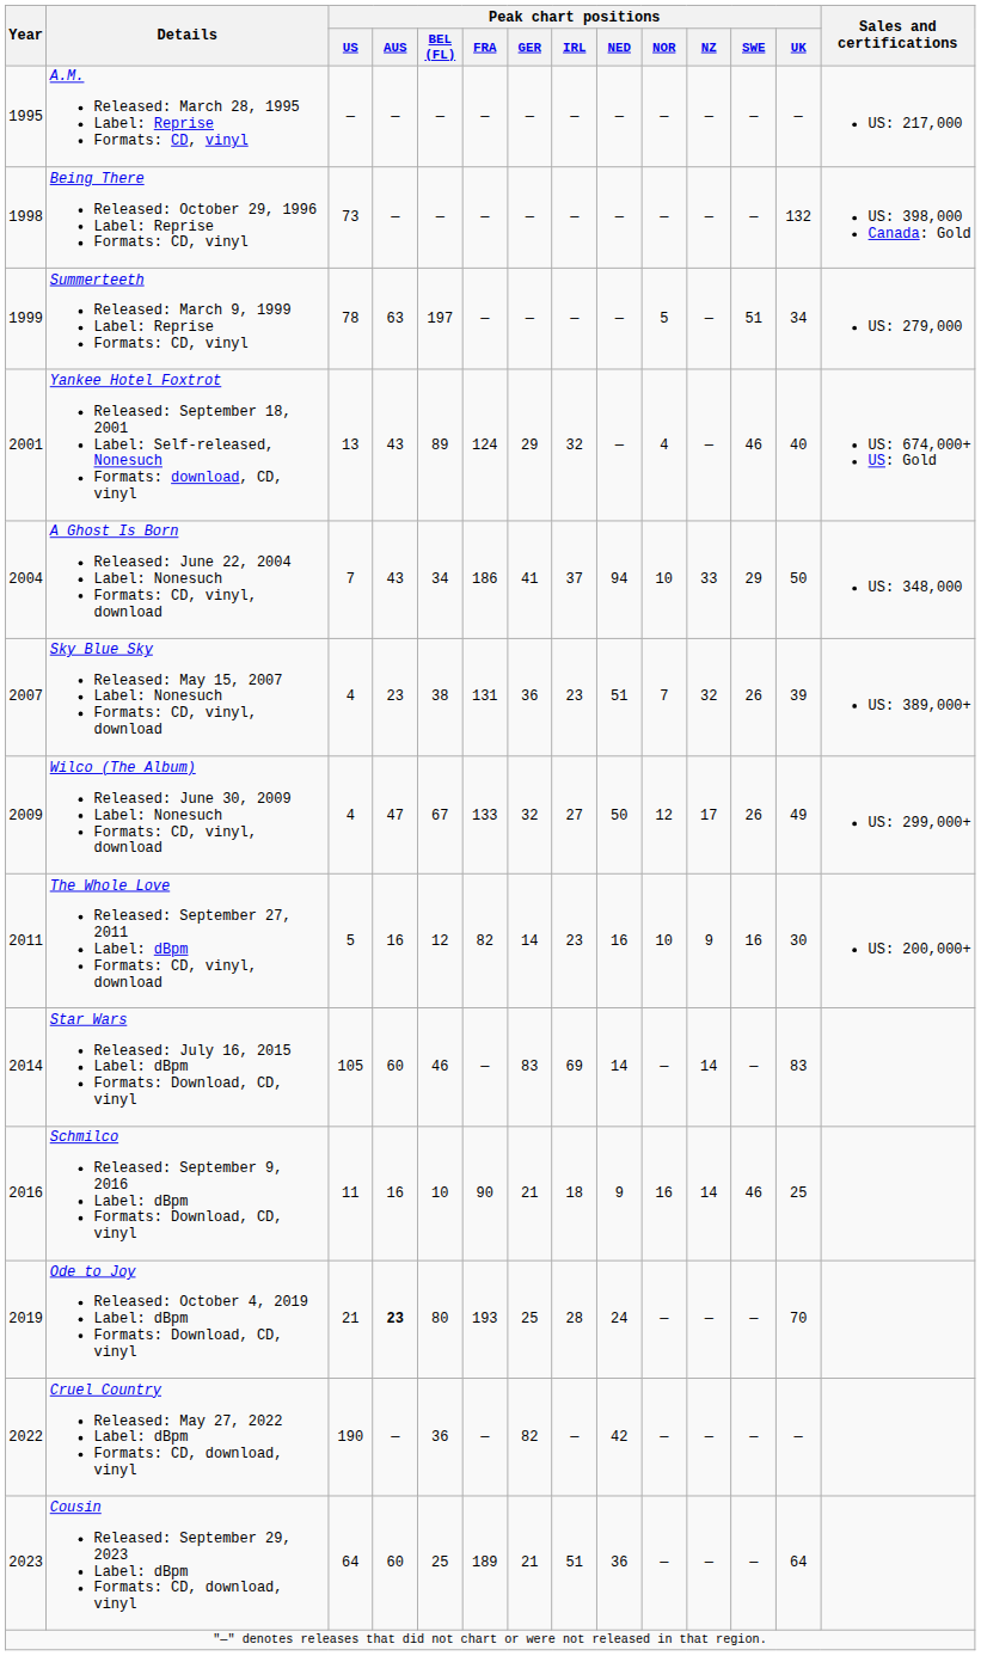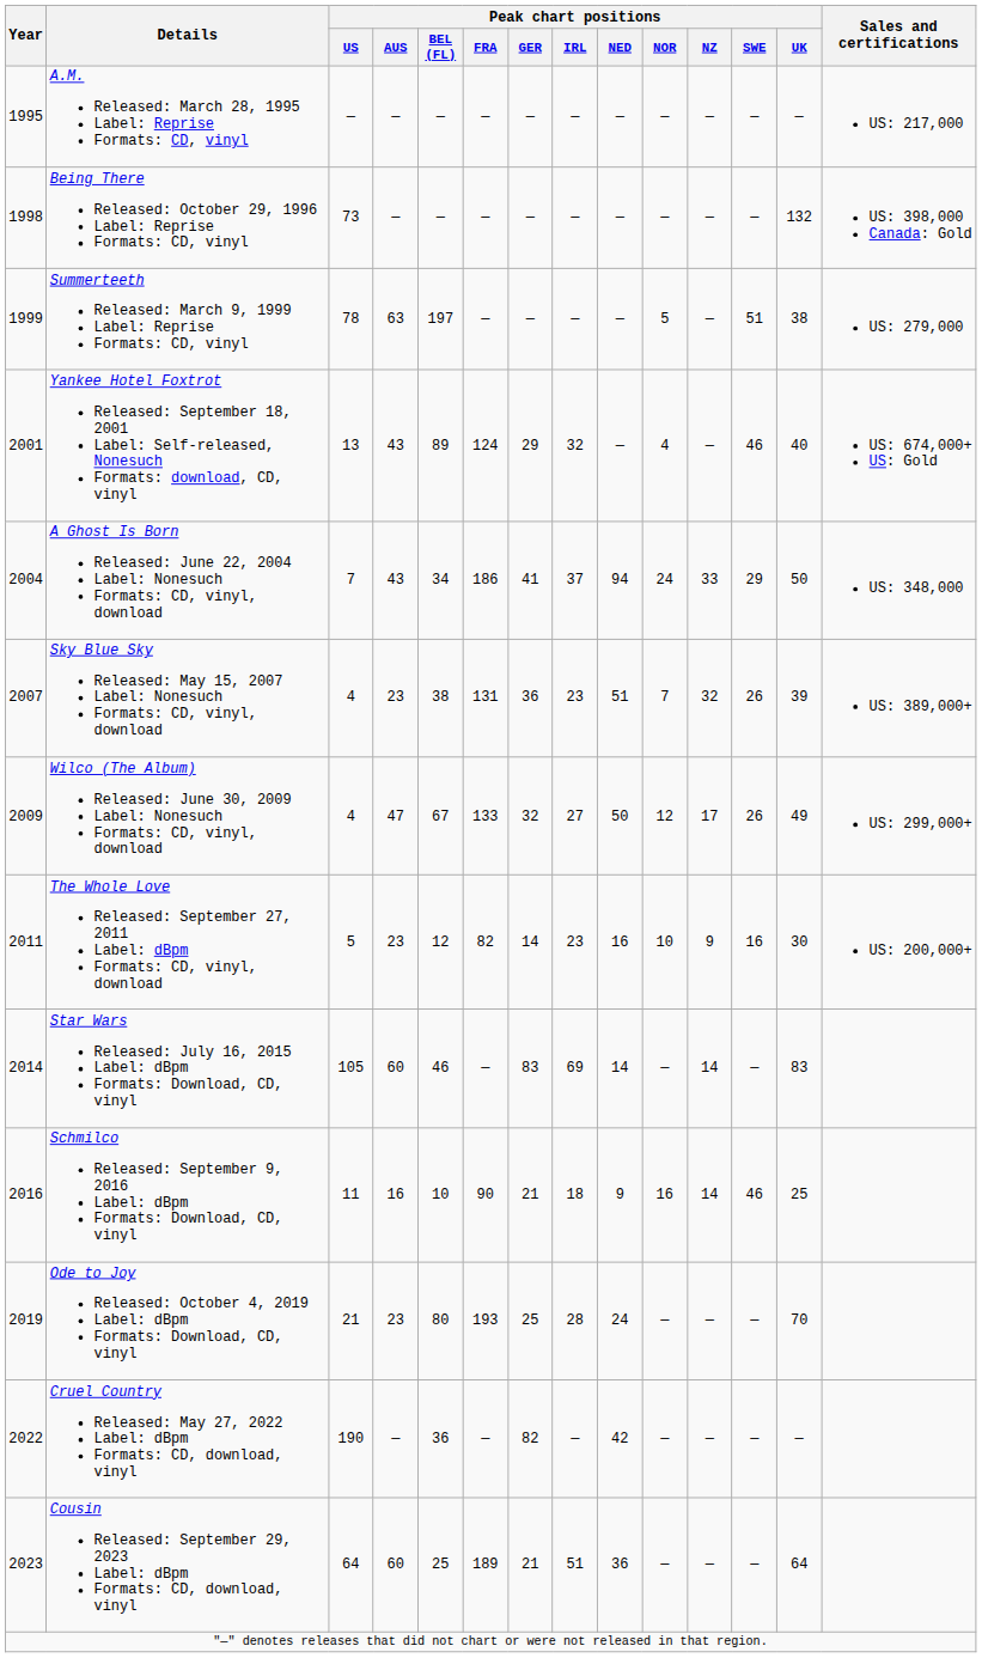 <table class="wikitable" style="text-align:center">
 <tr>
 <th rowspan="2">Year</th>
 <th rowspan="2" width=250>Details</th>
 <th colspan="11">Peak chart positions</th>
 <th rowspan="2">Sales and<br>certifications</th>
 </tr>
 <tr>
 <th style="width:3em;font-size:90%"><a href='#'>US</a><br></th>
 <th style="width:3em;font-size:90%"><a href='#'>AUS</a><br></th>
 <th style="width:3em;font-size:90%"><a href='#'>BEL<br>(FL)</a><br></th>
 <th style="width:3em;font-size:90%"><a href='#'>FRA</a><br></th>
 <th style="width:3em;font-size:90%"><a href='#'>GER</a><br></th>
 <th style="width:3em;font-size:90%"><a href='#'>IRL</a><br></th>
 <th style="width:3em;font-size:90%"><a href='#'>NED</a><br></th>
 <th style="width:3em;font-size:90%"><a href='#'>NOR</a><br></th>
 <th style="width:3em;font-size:90%"><a href='#'>NZ</a><br></th>
 <th style="width:3em;font-size:90%"><a href='#'>SWE</a><br></th>
 <th style="width:3em;font-size:90%"><a href='#'>UK</a><br></th>
 </tr>
 <tr>
 <td>1995</td>
 <td align="left"><em><a href='#'>A.M.</a></em><br><ul><li>Released: March 28, 1995</li><li>Label: <a href='#'>Reprise</a></li><li>Formats: <a href='#'>CD</a>, <a href='#'>vinyl</a></li></ul></td>
 <td>—</td>
 <td>—</td>
 <td>—</td>
 <td>—</td>
 <td>—</td>
 <td>—</td>
 <td>—</td>
 <td>—</td>
 <td>—</td>
 <td>—</td>
 <td>—</td>
 <td align="left"><br><ul><li>US: 217,000</li></ul></td>
 </tr>
 <tr>
 <td>1998</td>
 <td align="left"><em><a href='#'>Being There</a></em><br><ul><li>Released: October 29, 1996</li><li>Label: Reprise</li><li>Formats: CD, vinyl</li></ul></td>
 <td>73</td>
 <td>—</td>
 <td>—</td>
 <td>—</td>
 <td>—</td>
 <td>—</td>
 <td>—</td>
 <td>—</td>
 <td>—</td>
 <td>—</td>
 <td>132</td>
 <td align="left"><br><ul><li>US: 398,000</li><li><a href='#'>Canada</a>: Gold</li></ul></td>
 </tr>
 <tr>
 <td>1999</td>
 <td align="left"><em><a href='#'>Summerteeth</a></em><br><ul><li>Released: March 9, 1999</li><li>Label: Reprise</li><li>Formats: CD, vinyl</li></ul></td>
 <td>78</td>
 <td>63</td>
 <td>197</td>
 <td>—</td>
 <td>—</td>
 <td>—</td>
 <td>—</td>
 <td>5</td>
 <td>—</td>
 <td>51</td>
-<td>34</td>
+<td>38</td>
 <td align="left"><br><ul><li>US: 279,000</li></ul></td>
 </tr>
 <tr>
 <td>2001</td>
 <td align="left"><em><a href='#'>Yankee Hotel Foxtrot</a></em><br><ul><li>Released: September 18, 2001</li><li>Label: Self-released, <a href='#'>Nonesuch</a></li><li>Formats: <a href='#'>download</a>, CD, vinyl</li></ul></td>
 <td>13</td>
 <td>43</td>
 <td>89</td>
 <td>124</td>
 <td>29</td>
 <td>32</td>
 <td>—</td>
 <td>4</td>
 <td>—</td>
 <td>46</td>
 <td>40</td>
 <td align="left"><br><ul><li>US: 674,000+</li><li><a href='#'>US</a>: Gold</li></ul></td>
 </tr>
 <tr>
 <td>2004</td>
 <td align="left"><em><a href='#'>A Ghost Is Born</a></em><br><ul><li>Released: June 22, 2004</li><li>Label: Nonesuch</li><li>Formats: CD, vinyl, download</li></ul></td>
 <td>7</td>
 <td>43</td>
 <td>34</td>
 <td>186</td>
 <td>41</td>
 <td>37</td>
 <td>94</td>
-<td>10</td>
+<td>24</td>
 <td>33</td>
 <td>29</td>
 <td>50</td>
 <td align="left"><br><ul><li>US: 348,000</li></ul></td>
 </tr>
 <tr>
 <td>2007</td>
 <td align="left"><em><a href='#'>Sky Blue Sky</a></em><br><ul><li>Released: May 15, 2007</li><li>Label: Nonesuch</li><li>Formats: CD, vinyl, download</li></ul></td>
 <td>4</td>
 <td>23</td>
 <td>38</td>
 <td>131</td>
 <td>36</td>
 <td>23</td>
 <td>51</td>
 <td>7</td>
 <td>32</td>
 <td>26</td>
 <td>39</td>
 <td align="left"><br><ul><li>US: 389,000+</li></ul></td>
 </tr>
 <tr>
 <td>2009</td>
 <td align="left"><em><a href='#'>Wilco (The Album)</a></em><br><ul><li>Released: June 30, 2009</li><li>Label: Nonesuch</li><li>Formats: CD, vinyl, download</li></ul></td>
 <td>4</td>
 <td>47</td>
 <td>67</td>
 <td>133</td>
 <td>32</td>
 <td>27</td>
 <td>50</td>
 <td>12</td>
 <td>17</td>
 <td>26</td>
 <td>49</td>
 <td align="left"><br><ul><li>US: 299,000+</li></ul></td>
 </tr>
 <tr>
 <td>2011</td>
 <td align="left"><em><a href='#'>The Whole Love</a></em><br><ul><li>Released: September 27, 2011</li><li>Label: <a href='#'>dBpm</a></li><li>Formats: CD, vinyl, download</li></ul></td>
 <td>5</td>
-<td>16</td>
+<td>23</td>
 <td>12</td>
 <td>82</td>
 <td>14</td>
 <td>23</td>
 <td>16</td>
 <td>10</td>
 <td>9</td>
 <td>16</td>
 <td>30</td>
 <td align="left"><br><ul><li>US: 200,000+</li></ul></td>
 </tr>
 <tr>
 <td>2014</td>
 <td align="left"><em><a href='#'>Star Wars</a></em><br><ul><li>Released: July 16, 2015</li><li>Label: dBpm</li><li>Formats: Download, CD, vinyl</li></ul></td>
 <td>105</td>
 <td>60</td>
 <td>46</td>
 <td>—</td>
 <td>83</td>
 <td>69</td>
 <td>14</td>
 <td>—</td>
 <td>14</td>
 <td>—</td>
 <td>83</td>
 <td align="left"></td>
 </tr>
 <tr>
 <td>2016</td>
 <td align="left"><em><a href='#'>Schmilco</a></em><br><ul><li>Released: September 9, 2016</li><li>Label: dBpm</li><li>Formats: Download, CD, vinyl</li></ul></td>
 <td>11</td>
 <td>16</td>
 <td>10</td>
 <td>90</td>
 <td>21</td>
 <td>18</td>
 <td>9</td>
 <td>16</td>
 <td>14</td>
 <td>46</td>
 <td>25</td>
 <td></td>
 </tr>
 <tr>
 <td>2019</td>
 <td align="left"><em><a href='#'>Ode to Joy</a></em><br><ul><li>Released: October 4, 2019</li><li>Label: dBpm</li><li>Formats: Download, CD, vinyl</li></ul></td>
 <td>21</td>
-<td><strong>23</strong></td>
+<td>23</td>
 <td>80</td>
 <td>193</td>
 <td>25</td>
 <td>28</td>
 <td>24</td>
 <td>—</td>
 <td>—</td>
 <td>—</td>
 <td>70</td>
 <td></td>
 </tr>
 <tr>
 <td>2022</td>
 <td align="left"><em><a href='#'>Cruel Country</a></em><br><ul><li>Released: May 27, 2022</li><li>Label: dBpm</li><li>Formats: CD, download, vinyl</li></ul></td>
 <td>190</td>
 <td>—</td>
 <td>36</td>
 <td>—</td>
 <td>82</td>
 <td>—</td>
 <td>42</td>
 <td>—</td>
 <td>—</td>
 <td>—</td>
 <td>—</td>
 <td></td>
 </tr>
 <tr>
 <td>2023</td>
 <td align="left"><em><a href='#'>Cousin</a></em><br><ul><li>Released: September 29, 2023</li><li>Label: dBpm</li><li>Formats: CD, download, vinyl</li></ul></td>
 <td>64</td>
 <td>60</td>
 <td>25</td>
 <td>189<br></td>
 <td>21</td>
 <td>51<br></td>
 <td>36</td>
 <td>—</td>
 <td>—</td>
 <td>—</td>
 <td>64</td>
 <td></td>
 </tr>
 <tr>
 <td colspan="14" style="font-size: 85%">"—" denotes releases that did not chart or were not released in that region.</td>
 </tr>
 </table>
